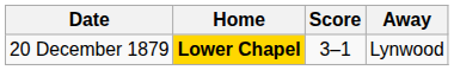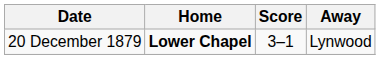 <table class="wikitable" style="text-align: center">
 <tr>
 <th>Date</th>
 <th>Home</th>
 <th>Score</th>
 <th>Away</th>
 </tr>
 <tr>
 <td>20 December 1879</td>
-<td style="background: gold;"><strong>Lower Chapel</strong></td>
+<td><strong>Lower Chapel</strong></td>
 <td>3–1</td>
 <td>Lynwood</td>
 </tr>
 <tr>
 </tr>
 </table>
